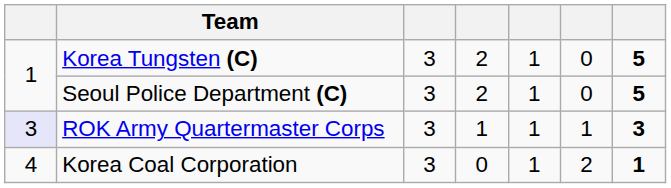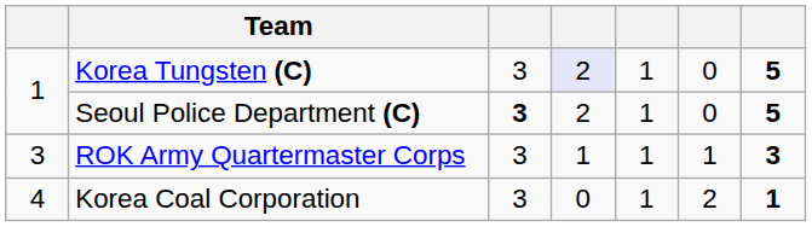 <table class="wikitable" style="text-align:center;">
 <tr>
 <th width=30></th>
 <th width=240>Team</th>
 <th width=30></th>
 <th width=30></th>
 <th width=30></th>
 <th width=30></th>
 <th width=30></th>
 </tr>
 <tr>
 <td rowspan=2>1</td>
 <td align=left><a href='#'>Korea Tungsten</a> <strong>(C)</strong></td>
 <td>3</td>
+<td style="background: lavender;">2</td>
+<td>1</td>
+<td>0</td>
+<td><strong>5</strong></td>
+</tr>
+<tr>
+<td align=left>Seoul Police Department <strong>(C)</strong></td>
+<td><strong>3</strong></td>
 <td>2</td>
 <td>1</td>
 <td>0</td>
 <td><strong>5</strong></td>
 </tr>
 <tr>
-<td align=left>Seoul Police Department <strong>(C)</strong></td>
 <td>3</td>
-<td>2</td>
-<td>1</td>
-<td>0</td>
-<td><strong>5</strong></td>
-</tr>
-<tr>
-<td style="background: lavender;">3</td>
 <td align=left><a href='#'>ROK Army Quartermaster Corps</a></td>
 <td>3</td>
 <td>1</td>
 <td>1</td>
 <td>1</td>
 <td><strong>3</strong></td>
 </tr>
 <tr>
 <td>4</td>
 <td align=left>Korea Coal Corporation</td>
 <td>3</td>
 <td>0</td>
 <td>1</td>
 <td>2</td>
 <td><strong>1</strong></td>
 </tr>
 </table>
